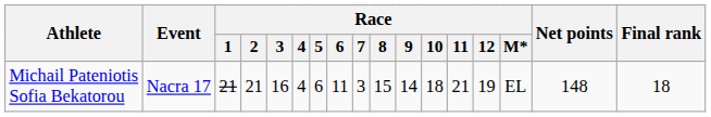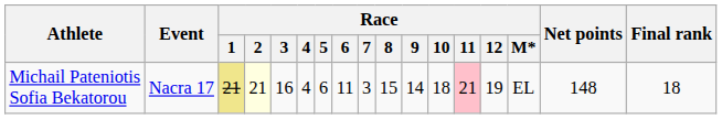 <table class="wikitable" style="font-size:90%">
 <tr>
 <th rowspan="2">Athlete</th>
 <th rowspan="2">Event</th>
 <th colspan=13>Race</th>
 <th rowspan=2>Net points</th>
 <th rowspan=2>Final rank</th>
 </tr>
 <tr style="font-size:95%">
 <th>1</th>
 <th>2</th>
 <th>3</th>
 <th>4</th>
 <th>5</th>
 <th>6</th>
 <th>7</th>
 <th>8</th>
 <th>9</th>
 <th>10</th>
 <th>11</th>
 <th>12</th>
 <th>M*</th>
 </tr>
 <tr align=center>
 <td align=left><a href='#'>Michail Pateniotis</a><br><a href='#'>Sofia Bekatorou</a></td>
 <td align=left><a href='#'>Nacra 17</a></td>
-<td><s>21</s></td>
-<td>21</td>
+<td style="background: khaki;"><s>21</s></td>
+<td style="background: lightyellow;">21</td>
 <td>16</td>
 <td>4</td>
 <td>6</td>
 <td>11</td>
 <td>3</td>
 <td>15</td>
 <td>14</td>
 <td>18</td>
-<td>21</td>
+<td style="background: pink;">21</td>
 <td>19</td>
 <td>EL</td>
 <td>148</td>
 <td>18</td>
 </tr>
 </table>
